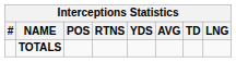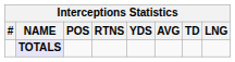 <table class="wikitable sortable collapsible collapsed">
 <tr>
 <th colspan="16">Interceptions Statistics</th>
 </tr>
 <tr>
 <th>#</th>
 <th>NAME</th>
 <th>POS</th>
 <th>RTNS</th>
 <th>YDS</th>
 <th>AVG</th>
 <th>TD</th>
 <th>LNG</th>
 </tr>
 <tr>
 <td></td>
-<td><strong>TOTALS</strong></td>
+<td style="background: lavender;"><strong>TOTALS</strong></td>
 <td></td>
 <td></td>
 <td></td>
 <td></td>
 <td></td>
 <td></td>
 </tr>
 </table>
